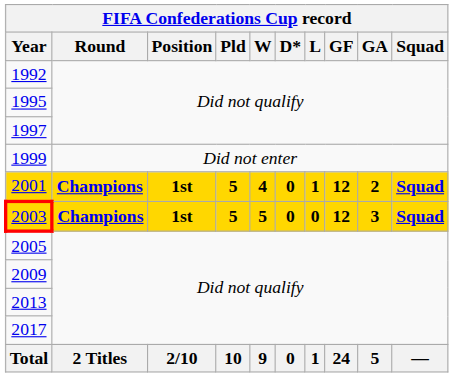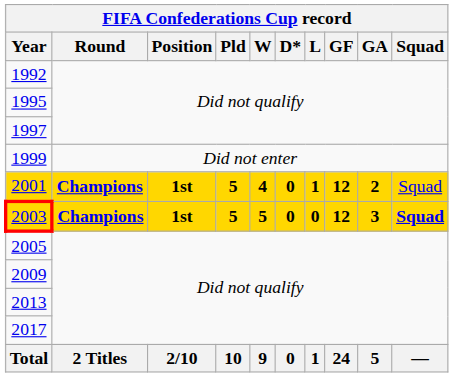 <table class="wikitable" style="text-align: center;">
 <tr>
 <th colspan=11><a href='#'>FIFA Confederations Cup</a> record</th>
 </tr>
 <tr>
 <th>Year</th>
 <th>Round</th>
 <th>Position</th>
 <th>Pld</th>
 <th>W</th>
 <th>D*</th>
 <th>L</th>
 <th>GF</th>
 <th>GA</th>
 <th>Squad</th>
 </tr>
 <tr>
 <td> <a href='#'>1992</a></td>
 <td rowspan=3 colspan=9><em>Did not qualify</em></td>
 </tr>
 <tr>
 <td> <a href='#'>1995</a></td>
 </tr>
 <tr>
 <td> <a href='#'>1997</a></td>
 </tr>
 <tr>
 <td> <a href='#'>1999</a></td>
 <td colspan=9><em>Did not enter</em></td>
 </tr>
 <tr style="background:Gold;">
 <td>  <a href='#'>2001</a></td>
 <td><strong><a href='#'>Champions</a></strong></td>
 <td><strong>1st</strong></td>
 <td><strong>5</strong></td>
 <td><strong>4</strong></td>
 <td><strong>0</strong></td>
 <td><strong>1</strong></td>
 <td><strong>12</strong></td>
 <td><strong>2</strong></td>
-<td><strong><a href='#'>Squad</a></strong></td>
+<td><a href='#'>Squad</a></td>
 </tr>
 <tr style="background:Gold;">
 <td style="border: 3px solid red"> <a href='#'>2003</a></td>
 <td><strong><a href='#'>Champions</a></strong></td>
 <td><strong>1st</strong></td>
 <td><strong>5</strong></td>
 <td><strong>5</strong></td>
 <td><strong>0</strong></td>
 <td><strong>0</strong></td>
 <td><strong>12</strong></td>
 <td><strong>3</strong></td>
 <td><strong><a href='#'>Squad</a></strong></td>
 </tr>
 <tr>
 <td> <a href='#'>2005</a></td>
 <td rowspan=4 colspan=9><em>Did not qualify</em></td>
 </tr>
 <tr>
 <td> <a href='#'>2009</a></td>
 </tr>
 <tr>
 <td> <a href='#'>2013</a></td>
 </tr>
 <tr>
 <td> <a href='#'>2017</a></td>
 </tr>
 <tr>
 <th>Total</th>
 <th>2 Titles</th>
 <th>2/10</th>
 <th>10</th>
 <th>9</th>
 <th>0</th>
 <th>1</th>
 <th>24</th>
 <th>5</th>
 <th>—</th>
 </tr>
 </table>
